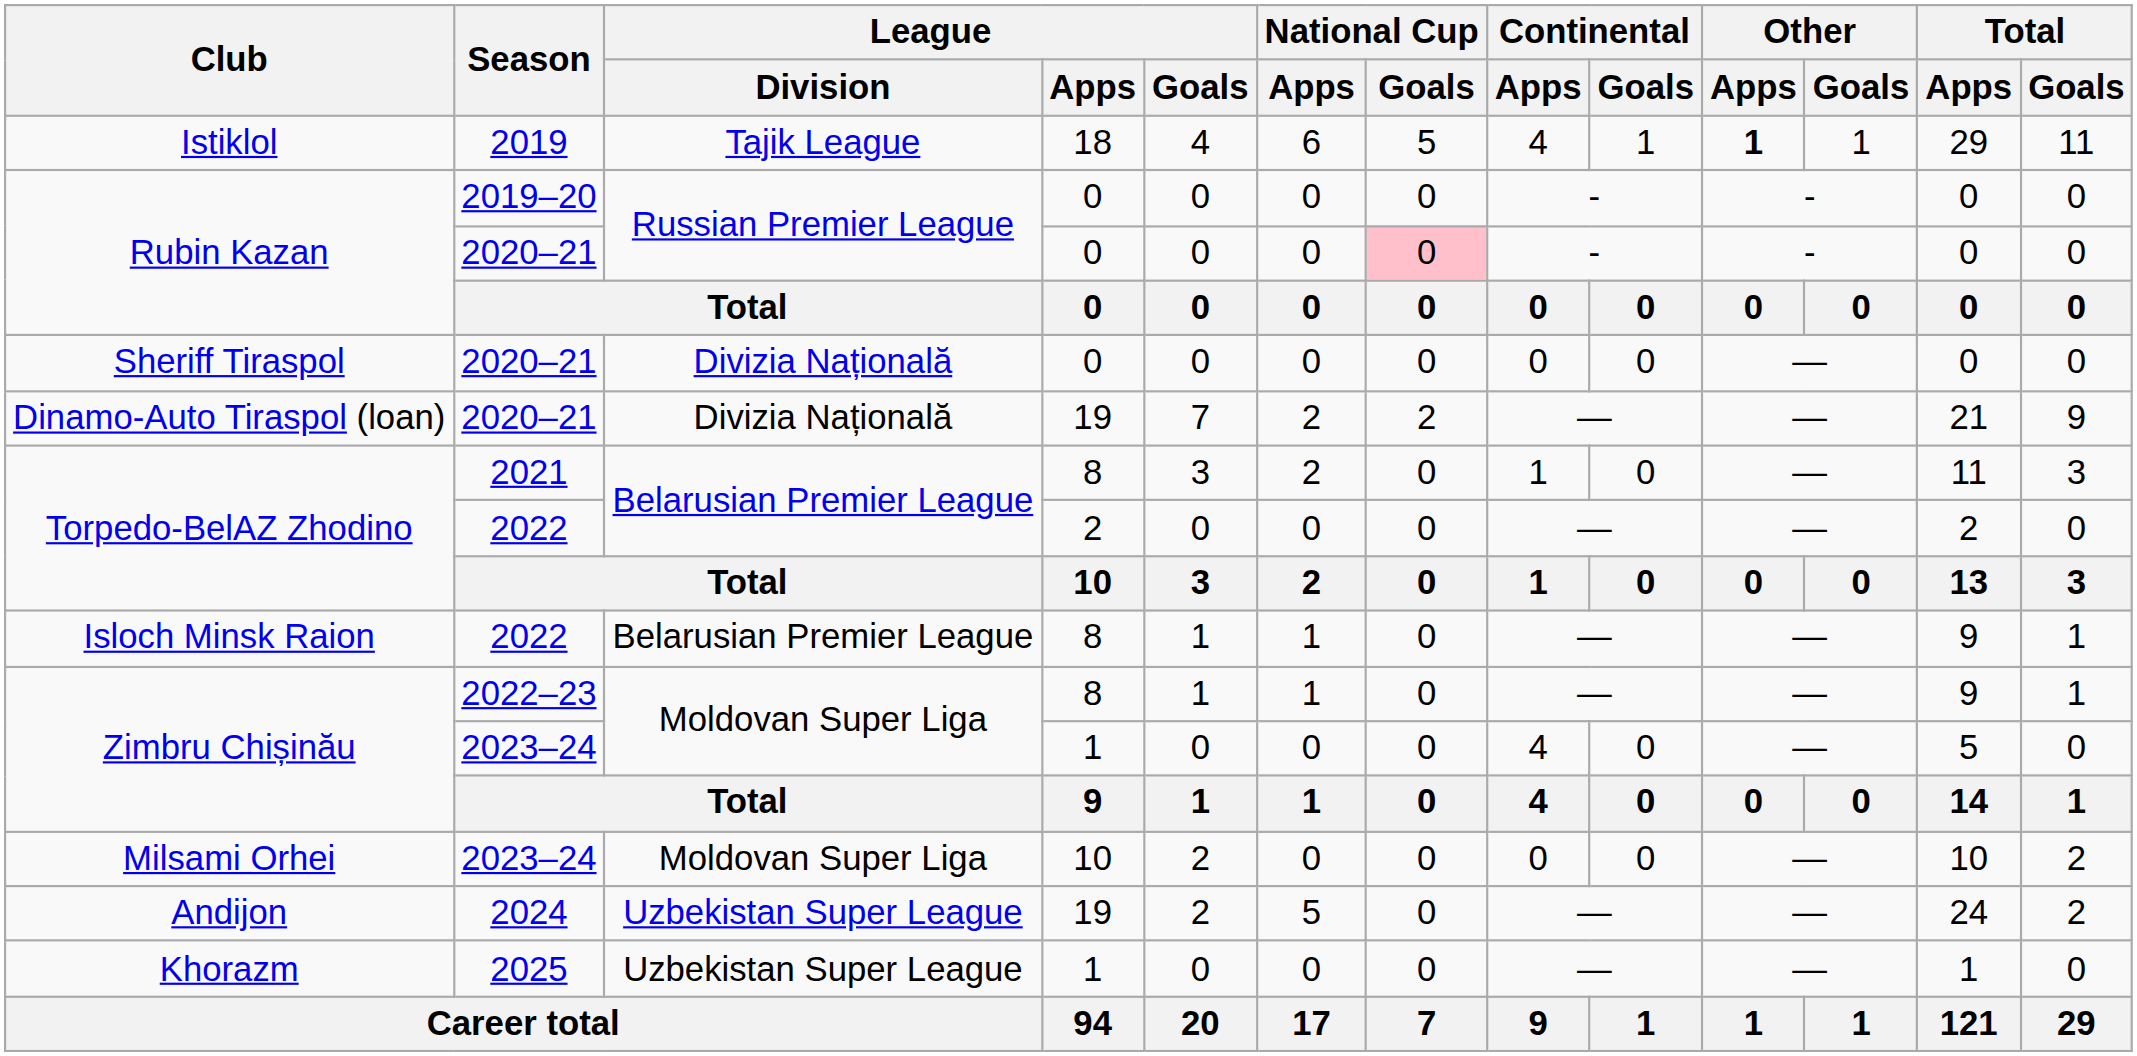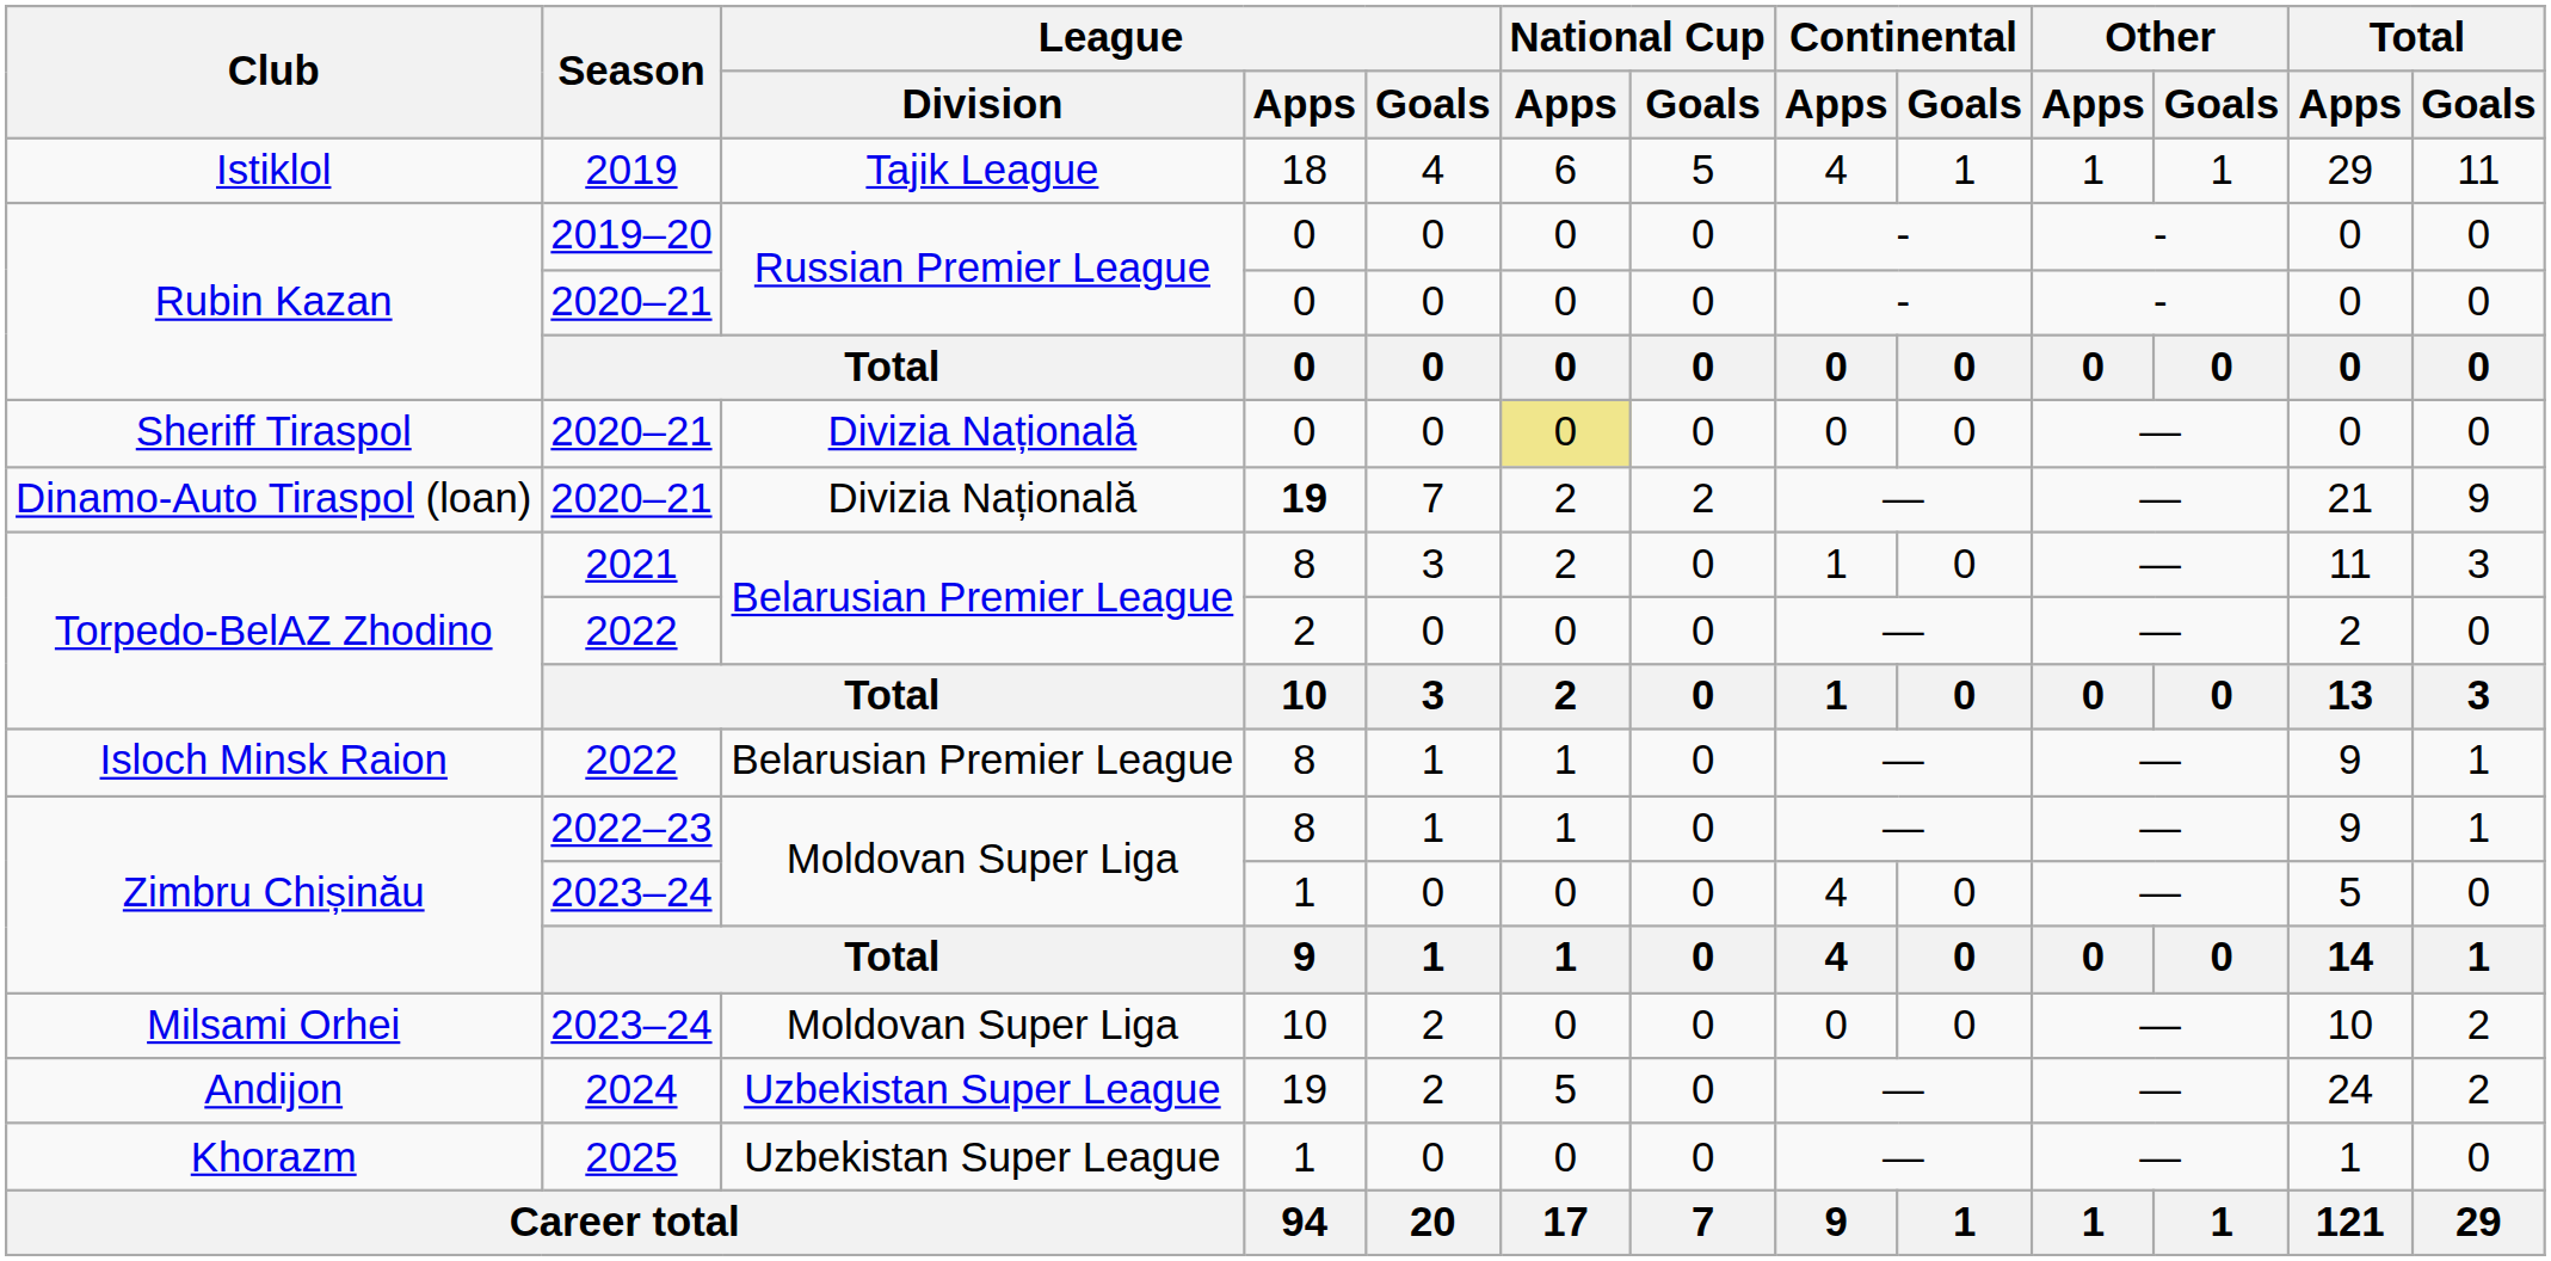 <table class="wikitable" style="text-align: center;">
 <tr>
 <th rowspan="2">Club</th>
 <th rowspan="2">Season</th>
 <th colspan="3">League</th>
 <th colspan="2">National Cup</th>
 <th colspan="2">Continental</th>
 <th colspan="2">Other</th>
 <th colspan="2">Total</th>
 </tr>
 <tr>
 <th>Division</th>
 <th>Apps</th>
 <th>Goals</th>
 <th>Apps</th>
 <th>Goals</th>
 <th>Apps</th>
 <th>Goals</th>
 <th>Apps</th>
 <th>Goals</th>
 <th>Apps</th>
 <th>Goals</th>
 </tr>
 <tr>
 <td rowspan="1" valign="center"><a href='#'>Istiklol</a></td>
 <td><a href='#'>2019</a></td>
 <td rowspan="1" valign="center"><a href='#'>Tajik League</a></td>
 <td>18</td>
 <td>4</td>
 <td>6</td>
 <td>5</td>
 <td>4</td>
 <td>1</td>
-<td><strong>1</strong></td>
+<td>1</td>
 <td>1</td>
 <td>29</td>
 <td>11</td>
 </tr>
 <tr>
 <td rowspan="3"><a href='#'>Rubin Kazan</a></td>
 <td><a href='#'>2019–20</a></td>
 <td rowspan="2"><a href='#'>Russian Premier League</a></td>
 <td>0</td>
 <td>0</td>
 <td>0</td>
 <td>0</td>
 <td colspan="2">-</td>
 <td colspan="2">-</td>
 <td>0</td>
 <td>0</td>
 </tr>
 <tr>
 <td><a href='#'>2020–21</a></td>
 <td>0</td>
 <td>0</td>
 <td>0</td>
-<td style="background: pink;">0</td>
+<td>0</td>
 <td colspan="2">-</td>
 <td colspan="2">-</td>
 <td>0</td>
 <td>0</td>
 </tr>
 <tr>
 <th colspan="2">Total</th>
 <th>0</th>
 <th>0</th>
 <th>0</th>
 <th>0</th>
 <th>0</th>
 <th>0</th>
 <th>0</th>
 <th>0</th>
 <th>0</th>
 <th>0</th>
 </tr>
 <tr>
 <td><a href='#'>Sheriff Tiraspol</a></td>
 <td><a href='#'>2020–21</a></td>
 <td><a href='#'>Divizia Națională</a></td>
 <td>0</td>
 <td>0</td>
-<td>0</td>
+<td style="background: khaki;">0</td>
 <td>0</td>
 <td>0</td>
 <td>0</td>
 <td colspan="2">—</td>
 <td>0</td>
 <td>0</td>
 </tr>
 <tr>
 <td><a href='#'>Dinamo-Auto Tiraspol</a> (loan)</td>
 <td><a href='#'>2020–21</a></td>
 <td>Divizia Națională</td>
-<td>19</td>
+<td><strong>19</strong></td>
 <td>7</td>
 <td>2</td>
 <td>2</td>
 <td colspan="2">—</td>
 <td colspan="2">—</td>
 <td>21</td>
 <td>9</td>
 </tr>
 <tr>
 <td rowspan="3"><a href='#'>Torpedo-BelAZ Zhodino</a></td>
 <td><a href='#'>2021</a></td>
 <td rowspan="2"><a href='#'>Belarusian Premier League</a></td>
 <td>8</td>
 <td>3</td>
 <td>2</td>
 <td>0</td>
 <td>1</td>
 <td>0</td>
 <td colspan="2">—</td>
 <td>11</td>
 <td>3</td>
 </tr>
 <tr>
 <td><a href='#'>2022</a></td>
 <td>2</td>
 <td>0</td>
 <td>0</td>
 <td>0</td>
 <td colspan="2">—</td>
 <td colspan="2">—</td>
 <td>2</td>
 <td>0</td>
 </tr>
 <tr>
 <th colspan="2">Total</th>
 <th>10</th>
 <th>3</th>
 <th>2</th>
 <th>0</th>
 <th>1</th>
 <th>0</th>
 <th>0</th>
 <th>0</th>
 <th>13</th>
 <th>3</th>
 </tr>
 <tr>
 <td><a href='#'>Isloch Minsk Raion</a></td>
 <td><a href='#'>2022</a></td>
 <td>Belarusian Premier League</td>
 <td>8</td>
 <td>1</td>
 <td>1</td>
 <td>0</td>
 <td colspan="2">—</td>
 <td colspan="2">—</td>
 <td>9</td>
 <td>1</td>
 </tr>
 <tr>
 <td rowspan="3"><a href='#'>Zimbru Chișinău</a></td>
 <td><a href='#'>2022–23</a></td>
 <td rowspan="2">Moldovan Super Liga</td>
 <td>8</td>
 <td>1</td>
 <td>1</td>
 <td>0</td>
 <td colspan="2">—</td>
 <td colspan="2">—</td>
 <td>9</td>
 <td>1</td>
 </tr>
 <tr>
 <td><a href='#'>2023–24</a></td>
 <td>1</td>
 <td>0</td>
 <td>0</td>
 <td>0</td>
 <td>4</td>
 <td>0</td>
 <td colspan="2">—</td>
 <td>5</td>
 <td>0</td>
 </tr>
 <tr>
 <th colspan="2">Total</th>
 <th>9</th>
 <th>1</th>
 <th>1</th>
 <th>0</th>
 <th>4</th>
 <th>0</th>
 <th>0</th>
 <th>0</th>
 <th>14</th>
 <th>1</th>
 </tr>
 <tr>
 <td><a href='#'>Milsami Orhei</a></td>
 <td><a href='#'>2023–24</a></td>
 <td>Moldovan Super Liga</td>
 <td>10</td>
 <td>2</td>
 <td>0</td>
 <td>0</td>
 <td>0</td>
 <td>0</td>
 <td colspan="2">—</td>
 <td>10</td>
 <td>2</td>
 </tr>
 <tr>
 <td><a href='#'>Andijon</a></td>
 <td><a href='#'>2024</a></td>
 <td><a href='#'>Uzbekistan Super League</a></td>
 <td>19</td>
 <td>2</td>
 <td>5</td>
 <td>0</td>
 <td colspan="2">—</td>
 <td colspan="2">—</td>
 <td>24</td>
 <td>2</td>
 </tr>
 <tr>
 <td><a href='#'>Khorazm</a></td>
 <td><a href='#'>2025</a></td>
 <td>Uzbekistan Super League</td>
 <td>1</td>
 <td>0</td>
 <td>0</td>
 <td>0</td>
 <td colspan="2">—</td>
 <td colspan="2">—</td>
 <td>1</td>
 <td>0</td>
 </tr>
 <tr>
 <th colspan="3">Career total</th>
 <th>94</th>
 <th>20</th>
 <th>17</th>
 <th>7</th>
 <th>9</th>
 <th>1</th>
 <th>1</th>
 <th>1</th>
 <th>121</th>
 <th>29</th>
 </tr>
 </table>
